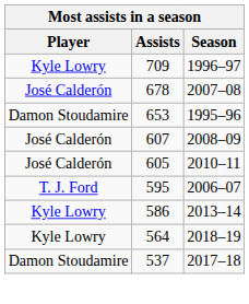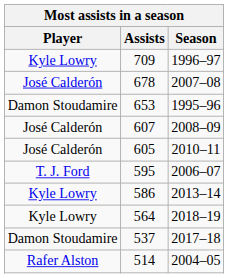 <table class="wikitable sortable" style="text-align:center">
 <tr>
 <th colspan="3">Most assists in a season</th>
 </tr>
 <tr>
 <th>Player</th>
 <th>Assists</th>
 <th>Season</th>
 </tr>
 <tr>
 <td><a href='#'>Kyle Lowry</a></td>
 <td>709</td>
 <td>1996–97</td>
 </tr>
 <tr>
 <td><a href='#'>José Calderón</a></td>
 <td>678</td>
 <td>2007–08</td>
 </tr>
 <tr>
 <td>Damon Stoudamire</td>
 <td>653</td>
 <td>1995–96</td>
 </tr>
 <tr>
 <td>José Calderón</td>
 <td>607</td>
 <td>2008–09</td>
 </tr>
 <tr>
 <td>José Calderón</td>
 <td>605</td>
 <td>2010–11</td>
 </tr>
 <tr>
 <td><a href='#'>T. J. Ford</a></td>
 <td>595</td>
 <td>2006–07</td>
 </tr>
 <tr>
 <td><a href='#'>Kyle Lowry</a></td>
 <td>586</td>
 <td>2013–14</td>
 </tr>
 <tr>
 <td>Kyle Lowry</td>
 <td>564</td>
 <td>2018–19</td>
 </tr>
 <tr>
 <td>Damon Stoudamire</td>
 <td>537</td>
 <td>2017–18</td>
 </tr>
+<tr>
+<td><a href='#'>Rafer Alston</a></td>
+<td>514</td>
+<td>2004–05</td>
+</tr>
 </table>
